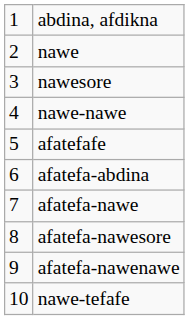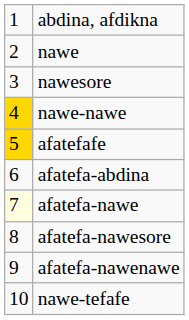 <table class="wikitable">
 <tr>
 <td>1</td>
 <td>abdina, afdikna</td>
 </tr>
 <tr>
 <td>2</td>
 <td>nawe</td>
 </tr>
 <tr>
 <td>3</td>
 <td>nawesore</td>
 </tr>
 <tr>
-<td>4</td>
+<td style="background: gold;">4</td>
 <td>nawe-nawe</td>
 </tr>
 <tr>
-<td>5</td>
+<td style="background: gold;">5</td>
 <td>afatefafe</td>
 </tr>
 <tr>
 <td>6</td>
 <td>afatefa-abdina</td>
 </tr>
 <tr>
-<td>7</td>
+<td style="background: lightyellow;">7</td>
 <td>afatefa-nawe</td>
 </tr>
 <tr>
 <td>8</td>
 <td>afatefa-nawesore</td>
 </tr>
 <tr>
 <td>9</td>
 <td>afatefa-nawenawe</td>
 </tr>
 <tr>
 <td>10</td>
 <td>nawe-tefafe</td>
 </tr>
 </table>
